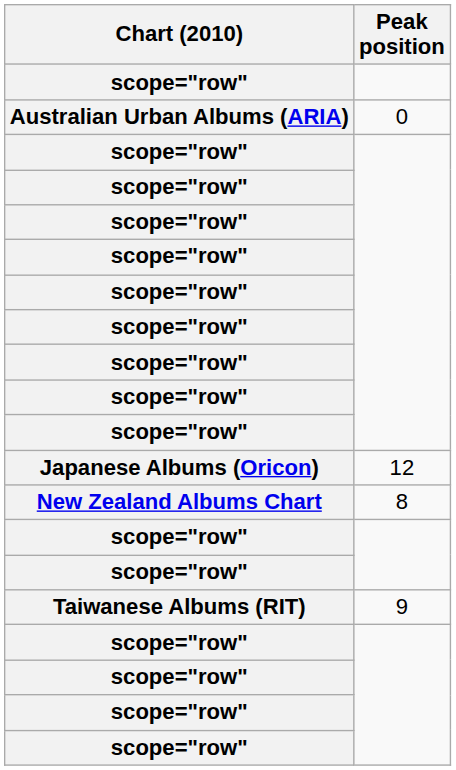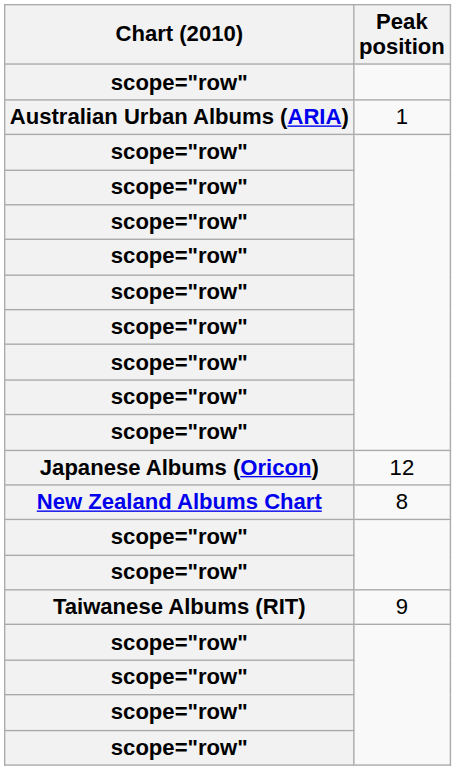 <table class="wikitable sortable plainrowheaders">
 <tr>
 <th>Chart (2010)</th>
 <th>Peak<br>position</th>
 </tr>
 <tr>
 <th>scope="row" </th>
 </tr>
 <tr>
 <th scope="row">Australian Urban Albums (<a href='#'>ARIA</a>)</th>
-<td style="text-align:center;">0</td>
+<td style="text-align:center;">1</td>
 </tr>
 <tr>
 <th>scope="row" </th>
 </tr>
 <tr>
 <th>scope="row" </th>
 </tr>
 <tr>
 <th>scope="row" </th>
 </tr>
 <tr>
 <th>scope="row" </th>
 </tr>
 <tr>
 <th>scope="row" </th>
 </tr>
 <tr>
 <th>scope="row" </th>
 </tr>
 <tr>
 <th>scope="row" </th>
 </tr>
 <tr>
 <th>scope="row" </th>
 </tr>
 <tr>
 <th>scope="row" </th>
 </tr>
 <tr>
 <th scope="row">Japanese Albums (<a href='#'>Oricon</a>)</th>
 <td style="text-align:center;">12</td>
 </tr>
 <tr>
 <th scope="row"><a href='#'>New Zealand Albums Chart</a></th>
 <td style="text-align:center;">8</td>
 </tr>
 <tr>
 <th>scope="row" </th>
 </tr>
 <tr>
 <th>scope="row" </th>
 </tr>
 <tr>
 <th scope="row">Taiwanese Albums (RIT)</th>
 <td style="text-align:center;">9</td>
 </tr>
 <tr>
 <th>scope="row" </th>
 </tr>
 <tr>
 <th>scope="row" </th>
 </tr>
 <tr>
 <th>scope="row" </th>
 </tr>
 <tr>
 <th>scope="row" </th>
 </tr>
 </table>
